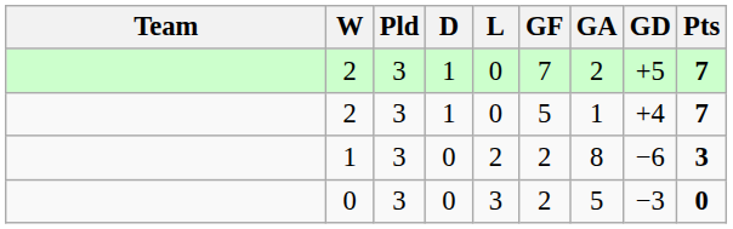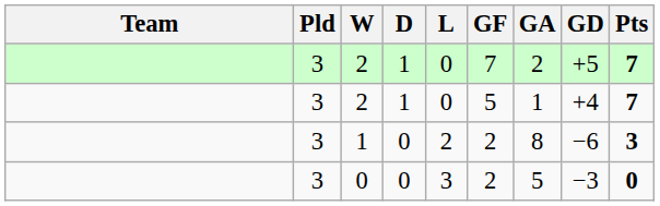 <table class="wikitable" style="text-align:center;">
 <tr>
 <th width=180>Team</th>
+<th width=20>Pld</th>
 <th width=20>W</th>
-<th width=20>Pld</th>
 <th width=20>D</th>
 <th width=20>L</th>
 <th width=20>GF</th>
 <th width=20>GA</th>
 <th width=20>GD</th>
 <th width=20>Pts</th>
 </tr>
 <tr style="background:#cfc;">
 <td align="left"><em></em></td>
+<td>3</td>
 <td>2</td>
-<td>3</td>
 <td>1</td>
 <td>0</td>
 <td>7</td>
 <td>2</td>
 <td>+5</td>
 <td><strong>7</strong></td>
 </tr>
 <tr>
 <td align="left"></td>
+<td>3</td>
 <td>2</td>
-<td>3</td>
 <td>1</td>
 <td>0</td>
 <td>5</td>
 <td>1</td>
 <td>+4</td>
 <td><strong>7</strong></td>
 </tr>
 <tr>
 <td align="left"></td>
+<td>3</td>
 <td>1</td>
-<td>3</td>
 <td>0</td>
 <td>2</td>
 <td>2</td>
 <td>8</td>
 <td>−6</td>
 <td><strong>3</strong></td>
 </tr>
 <tr>
 <td align="left"></td>
+<td>3</td>
 <td>0</td>
-<td>3</td>
 <td>0</td>
 <td>3</td>
 <td>2</td>
 <td>5</td>
 <td>−3</td>
 <td><strong>0</strong></td>
 </tr>
 </table>
